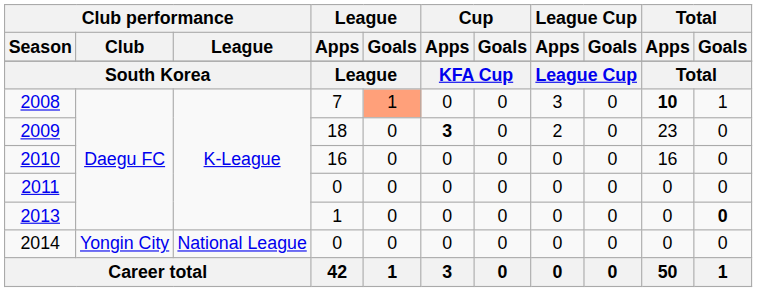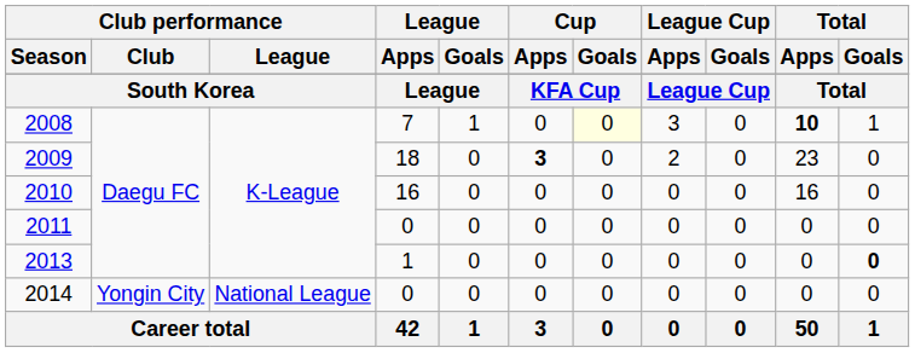 <table class="wikitable" style="text-align:center">
 <tr>
 <th colspan=3>Club performance</th>
 <th colspan=2>League</th>
 <th colspan=2>Cup</th>
 <th colspan=2>League Cup</th>
 <th colspan=2>Total</th>
 </tr>
 <tr>
 <th>Season</th>
 <th>Club</th>
 <th>League</th>
 <th>Apps</th>
 <th>Goals</th>
 <th>Apps</th>
 <th>Goals</th>
 <th>Apps</th>
 <th>Goals</th>
 <th>Apps</th>
 <th>Goals</th>
 </tr>
 <tr>
 </tr>
 <tr>
 <th colspan=3>South Korea</th>
 <th colspan=2>League</th>
 <th colspan=2><a href='#'>KFA Cup</a></th>
 <th colspan=2><a href='#'>League Cup</a></th>
 <th colspan=2>Total</th>
 </tr>
 <tr>
 <td><a href='#'>2008</a></td>
 <td rowspan="5"><a href='#'>Daegu FC</a></td>
 <td rowspan="5"><a href='#'>K-League</a></td>
 <td>7</td>
-<td style="background: lightsalmon;">1</td>
+<td>1</td>
 <td>0</td>
-<td>0</td>
+<td style="background: lightyellow;">0</td>
 <td>3</td>
 <td>0</td>
 <td><strong>10</strong></td>
 <td>1</td>
 </tr>
 <tr>
 <td><a href='#'>2009</a></td>
 <td>18</td>
 <td>0</td>
 <td><strong>3</strong></td>
 <td>0</td>
 <td>2</td>
 <td>0</td>
 <td>23</td>
 <td>0</td>
 </tr>
 <tr>
 <td><a href='#'>2010</a></td>
 <td>16</td>
 <td>0</td>
 <td>0</td>
 <td>0</td>
 <td>0</td>
 <td>0</td>
 <td>16</td>
 <td>0</td>
 </tr>
 <tr>
 <td><a href='#'>2011</a></td>
 <td>0</td>
 <td>0</td>
 <td>0</td>
 <td>0</td>
 <td>0</td>
 <td>0</td>
 <td>0</td>
 <td>0</td>
 </tr>
 <tr>
 <td><a href='#'>2013</a></td>
 <td>1</td>
 <td>0</td>
 <td>0</td>
 <td>0</td>
 <td>0</td>
 <td>0</td>
 <td>0</td>
 <td><strong>0</strong></td>
 </tr>
 <tr>
 <td>2014</td>
 <td rowspan="1"><a href='#'>Yongin City</a></td>
 <td rowspan="1"><a href='#'>National League</a></td>
 <td>0</td>
 <td>0</td>
 <td>0</td>
 <td>0</td>
 <td>0</td>
 <td>0</td>
 <td>0</td>
 <td>0</td>
 </tr>
 <tr>
 <th colspan=3>Career total</th>
 <th>42</th>
 <th>1</th>
 <th>3</th>
 <th>0</th>
 <th>0</th>
 <th>0</th>
 <th>50</th>
 <th>1</th>
 </tr>
 </table>
